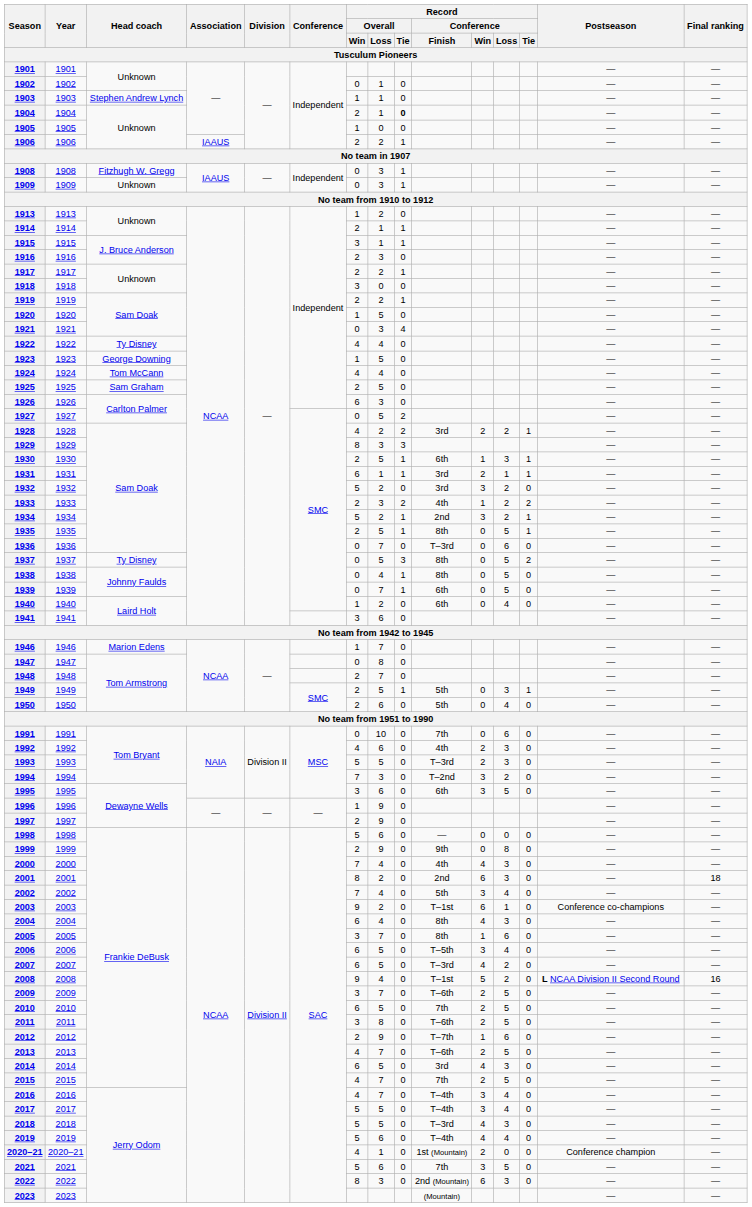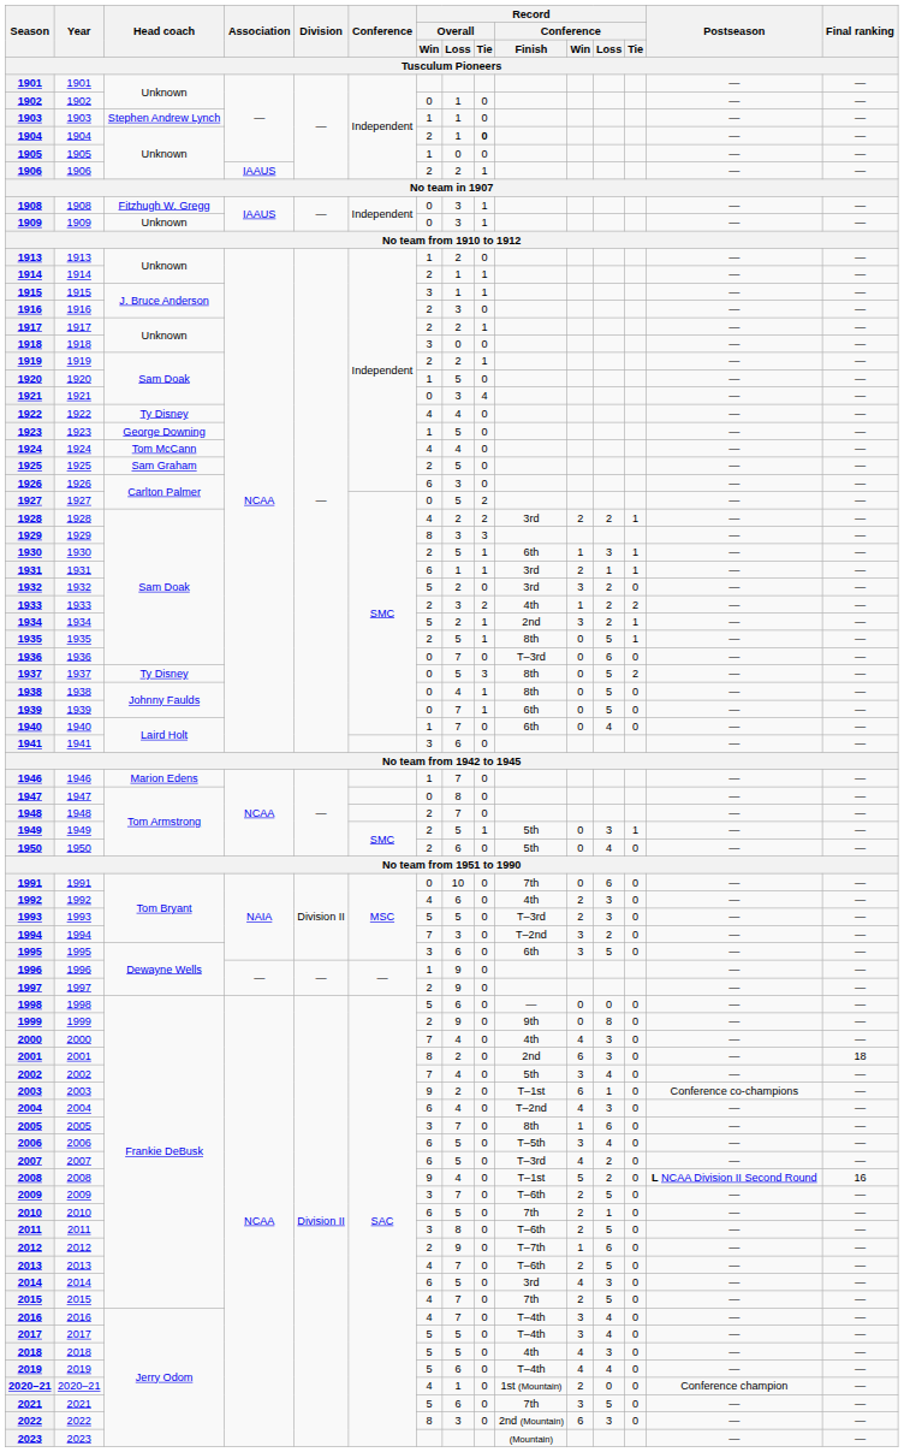 <table class="wikitable" style="font-size: 95%; width:98%;text-align:center;">
 <tr>
 <th rowspan="3">Season</th>
 <th rowspan="3">Year</th>
 <th rowspan="3">Head coach</th>
 <th rowspan="3">Association</th>
 <th rowspan="3">Division</th>
 <th rowspan="3">Conference</th>
 <th colspan="7">Record</th>
 <th rowspan="3">Postseason</th>
 <th rowspan="3">Final ranking</th>
 </tr>
 <tr>
 <th colspan="3">Overall</th>
 <th colspan="4">Conference</th>
 </tr>
 <tr>
 <th>Win</th>
 <th>Loss</th>
 <th>Tie</th>
 <th>Finish</th>
 <th>Win</th>
 <th>Loss</th>
 <th>Tie</th>
 </tr>
 <tr>
 <th colspan="15">Tusculum Pioneers</th>
 </tr>
 <tr>
 <th><a href='#'>1901</a></th>
 <td><a href='#'>1901</a></td>
 <td rowspan="2">Unknown</td>
 <td rowspan="5">—</td>
 <td rowspan="6">—</td>
 <td rowspan="6">Independent</td>
 <td></td>
 <td></td>
 <td></td>
 <td></td>
 <td></td>
 <td></td>
 <td></td>
 <td>—</td>
 <td>—</td>
 </tr>
 <tr>
 <th><a href='#'>1902</a></th>
 <td><a href='#'>1902</a></td>
 <td>0</td>
 <td>1</td>
 <td>0</td>
 <td></td>
 <td></td>
 <td></td>
 <td></td>
 <td>—</td>
 <td>—</td>
 </tr>
 <tr>
 <th><a href='#'>1903</a></th>
 <td><a href='#'>1903</a></td>
 <td><a href='#'>Stephen Andrew Lynch</a></td>
 <td>1</td>
 <td>1</td>
 <td>0</td>
 <td></td>
 <td></td>
 <td></td>
 <td></td>
 <td>—</td>
 <td>—</td>
 </tr>
 <tr>
 <th><a href='#'>1904</a></th>
 <td><a href='#'>1904</a></td>
 <td rowspan="3">Unknown</td>
 <td>2</td>
 <td>1</td>
 <td><strong>0</strong></td>
 <td></td>
 <td></td>
 <td></td>
 <td></td>
 <td>—</td>
 <td>—</td>
 </tr>
 <tr>
 <th><a href='#'>1905</a></th>
 <td><a href='#'>1905</a></td>
 <td>1</td>
 <td>0</td>
 <td>0</td>
 <td></td>
 <td></td>
 <td></td>
 <td></td>
 <td>—</td>
 <td>—</td>
 </tr>
 <tr>
 <th><a href='#'>1906</a></th>
 <td><a href='#'>1906</a></td>
 <td><a href='#'>IAAUS</a></td>
 <td>2</td>
 <td>2</td>
 <td>1</td>
 <td></td>
 <td></td>
 <td></td>
 <td></td>
 <td>—</td>
 <td>—</td>
 </tr>
 <tr>
 <th colspan="15">No team in 1907</th>
 </tr>
 <tr>
 <th><a href='#'>1908</a></th>
 <td><a href='#'>1908</a></td>
 <td><a href='#'>Fitzhugh W. Gregg</a></td>
 <td rowspan="2"><a href='#'>IAAUS</a></td>
 <td rowspan="2">—</td>
 <td rowspan="2">Independent</td>
 <td>0</td>
 <td>3</td>
 <td>1</td>
 <td></td>
 <td></td>
 <td></td>
 <td></td>
 <td>—</td>
 <td>—</td>
 </tr>
 <tr>
 <th><a href='#'>1909</a></th>
 <td><a href='#'>1909</a></td>
 <td>Unknown</td>
 <td>0</td>
 <td>3</td>
 <td>1</td>
 <td></td>
 <td></td>
 <td></td>
 <td></td>
 <td>—</td>
 <td>—</td>
 </tr>
 <tr>
 <th colspan="15">No team from 1910 to 1912</th>
 </tr>
 <tr>
 <th><a href='#'>1913</a></th>
 <td><a href='#'>1913</a></td>
 <td rowspan="2">Unknown</td>
 <td rowspan="29"><a href='#'>NCAA</a></td>
 <td rowspan="29">—</td>
 <td rowspan="14">Independent</td>
 <td>1</td>
 <td>2</td>
 <td>0</td>
 <td></td>
 <td></td>
 <td></td>
 <td></td>
 <td>—</td>
 <td>—</td>
 </tr>
 <tr>
 <th><a href='#'>1914</a></th>
 <td><a href='#'>1914</a></td>
 <td>2</td>
 <td>1</td>
 <td>1</td>
 <td></td>
 <td></td>
 <td></td>
 <td></td>
 <td>—</td>
 <td>—</td>
 </tr>
 <tr>
 <th><a href='#'>1915</a></th>
 <td><a href='#'>1915</a></td>
 <td rowspan="2"><a href='#'>J. Bruce Anderson</a></td>
 <td>3</td>
 <td>1</td>
 <td>1</td>
 <td></td>
 <td></td>
 <td></td>
 <td></td>
 <td>—</td>
 <td>—</td>
 </tr>
 <tr>
 <th><a href='#'>1916</a></th>
 <td><a href='#'>1916</a></td>
 <td>2</td>
 <td>3</td>
 <td>0</td>
 <td></td>
 <td></td>
 <td></td>
 <td></td>
 <td>—</td>
 <td>—</td>
 </tr>
 <tr>
 <th><a href='#'>1917</a></th>
 <td><a href='#'>1917</a></td>
 <td rowspan="2">Unknown</td>
 <td>2</td>
 <td>2</td>
 <td>1</td>
 <td></td>
 <td></td>
 <td></td>
 <td></td>
 <td>—</td>
 <td>—</td>
 </tr>
 <tr>
 <th><a href='#'>1918</a></th>
 <td><a href='#'>1918</a></td>
 <td>3</td>
 <td>0</td>
 <td>0</td>
 <td></td>
 <td></td>
 <td></td>
 <td></td>
 <td>—</td>
 <td>—</td>
 </tr>
 <tr>
 <th><a href='#'>1919</a></th>
 <td><a href='#'>1919</a></td>
 <td rowspan="3"><a href='#'>Sam Doak</a></td>
 <td>2</td>
 <td>2</td>
 <td>1</td>
 <td></td>
 <td></td>
 <td></td>
 <td></td>
 <td>—</td>
 <td>—</td>
 </tr>
 <tr>
 <th><a href='#'>1920</a></th>
 <td><a href='#'>1920</a></td>
 <td>1</td>
 <td>5</td>
 <td>0</td>
 <td></td>
 <td></td>
 <td></td>
 <td></td>
 <td>—</td>
 <td>—</td>
 </tr>
 <tr>
 <th><a href='#'>1921</a></th>
 <td><a href='#'>1921</a></td>
 <td>0</td>
 <td>3</td>
 <td>4</td>
 <td></td>
 <td></td>
 <td></td>
 <td></td>
 <td>—</td>
 <td>—</td>
 </tr>
 <tr>
 <th><a href='#'>1922</a></th>
 <td><a href='#'>1922</a></td>
 <td><a href='#'>Ty Disney</a></td>
 <td>4</td>
 <td>4</td>
 <td>0</td>
 <td></td>
 <td></td>
 <td></td>
 <td></td>
 <td>—</td>
 <td>—</td>
 </tr>
 <tr>
 <th><a href='#'>1923</a></th>
 <td><a href='#'>1923</a></td>
 <td><a href='#'>George Downing</a></td>
 <td>1</td>
 <td>5</td>
 <td>0</td>
 <td></td>
 <td></td>
 <td></td>
 <td></td>
 <td>—</td>
 <td>—</td>
 </tr>
 <tr>
 <th><a href='#'>1924</a></th>
 <td><a href='#'>1924</a></td>
 <td><a href='#'>Tom McCann</a></td>
 <td>4</td>
 <td>4</td>
 <td>0</td>
 <td></td>
 <td></td>
 <td></td>
 <td></td>
 <td>—</td>
 <td>—</td>
 </tr>
 <tr>
 <th><a href='#'>1925</a></th>
 <td><a href='#'>1925</a></td>
 <td><a href='#'>Sam Graham</a></td>
 <td>2</td>
 <td>5</td>
 <td>0</td>
 <td></td>
 <td></td>
 <td></td>
 <td></td>
 <td>—</td>
 <td>—</td>
 </tr>
 <tr>
 <th><a href='#'>1926</a></th>
 <td><a href='#'>1926</a></td>
 <td rowspan="2"><a href='#'>Carlton Palmer</a></td>
 <td>6</td>
 <td>3</td>
 <td>0</td>
 <td></td>
 <td></td>
 <td></td>
 <td></td>
 <td>—</td>
 <td>—</td>
 </tr>
 <tr>
 <th><a href='#'>1927</a></th>
 <td><a href='#'>1927</a></td>
 <td rowspan="14"><a href='#'>SMC</a></td>
 <td>0</td>
 <td>5</td>
 <td>2</td>
 <td></td>
 <td></td>
 <td></td>
 <td></td>
 <td>—</td>
 <td>—</td>
 </tr>
 <tr>
 <th><a href='#'>1928</a></th>
 <td><a href='#'>1928</a></td>
 <td rowspan="9"><a href='#'>Sam Doak</a></td>
 <td>4</td>
 <td>2</td>
 <td>2</td>
 <td>3rd</td>
 <td>2</td>
 <td>2</td>
 <td>1</td>
 <td>—</td>
 <td>—</td>
 </tr>
 <tr>
 <th><a href='#'>1929</a></th>
 <td><a href='#'>1929</a></td>
 <td>8</td>
 <td>3</td>
 <td>3</td>
 <td></td>
 <td></td>
 <td></td>
 <td></td>
 <td>—</td>
 <td>—</td>
 </tr>
 <tr>
 <th><a href='#'>1930</a></th>
 <td><a href='#'>1930</a></td>
 <td>2</td>
 <td>5</td>
 <td>1</td>
 <td>6th</td>
 <td>1</td>
 <td>3</td>
 <td>1</td>
 <td>—</td>
 <td>—</td>
 </tr>
 <tr>
 <th><a href='#'>1931</a></th>
 <td><a href='#'>1931</a></td>
 <td>6</td>
 <td>1</td>
 <td>1</td>
 <td>3rd</td>
 <td>2</td>
 <td>1</td>
 <td>1</td>
 <td>—</td>
 <td>—</td>
 </tr>
 <tr>
 <th><a href='#'>1932</a></th>
 <td><a href='#'>1932</a></td>
 <td>5</td>
 <td>2</td>
 <td>0</td>
 <td>3rd</td>
 <td>3</td>
 <td>2</td>
 <td>0</td>
 <td>—</td>
 <td>—</td>
 </tr>
 <tr>
 <th><a href='#'>1933</a></th>
 <td><a href='#'>1933</a></td>
 <td>2</td>
 <td>3</td>
 <td>2</td>
 <td>4th</td>
 <td>1</td>
 <td>2</td>
 <td>2</td>
 <td>—</td>
 <td>—</td>
 </tr>
 <tr>
 <th><a href='#'>1934</a></th>
 <td><a href='#'>1934</a></td>
 <td>5</td>
 <td>2</td>
 <td>1</td>
 <td>2nd</td>
 <td>3</td>
 <td>2</td>
 <td>1</td>
 <td>—</td>
 <td>—</td>
 </tr>
 <tr>
 <th><a href='#'>1935</a></th>
 <td><a href='#'>1935</a></td>
 <td>2</td>
 <td>5</td>
 <td>1</td>
 <td>8th</td>
 <td>0</td>
 <td>5</td>
 <td>1</td>
 <td>—</td>
 <td>—</td>
 </tr>
 <tr>
 <th><a href='#'>1936</a></th>
 <td><a href='#'>1936</a></td>
 <td>0</td>
 <td>7</td>
 <td>0</td>
 <td>T–3rd</td>
 <td>0</td>
 <td>6</td>
 <td>0</td>
 <td>—</td>
 <td>—</td>
 </tr>
 <tr>
 <th><a href='#'>1937</a></th>
 <td><a href='#'>1937</a></td>
 <td><a href='#'>Ty Disney</a></td>
 <td>0</td>
 <td>5</td>
 <td>3</td>
 <td>8th</td>
 <td>0</td>
 <td>5</td>
 <td>2</td>
 <td>—</td>
 <td>—</td>
 </tr>
 <tr>
 <th><a href='#'>1938</a></th>
 <td><a href='#'>1938</a></td>
 <td rowspan="2"><a href='#'>Johnny Faulds</a></td>
 <td>0</td>
 <td>4</td>
 <td>1</td>
 <td>8th</td>
 <td>0</td>
 <td>5</td>
 <td>0</td>
 <td>—</td>
 <td>—</td>
 </tr>
 <tr>
 <th><a href='#'>1939</a></th>
 <td><a href='#'>1939</a></td>
 <td>0</td>
 <td>7</td>
 <td>1</td>
 <td>6th</td>
 <td>0</td>
 <td>5</td>
 <td>0</td>
 <td>—</td>
 <td>—</td>
 </tr>
 <tr>
 <th><a href='#'>1940</a></th>
 <td><a href='#'>1940</a></td>
 <td rowspan="2"><a href='#'>Laird Holt</a></td>
 <td>1</td>
-<td>2</td>
+<td>7</td>
 <td>0</td>
 <td>6th</td>
 <td>0</td>
 <td>4</td>
 <td>0</td>
 <td>—</td>
 <td>—</td>
 </tr>
 <tr>
 <th><a href='#'>1941</a></th>
 <td><a href='#'>1941</a></td>
 <td></td>
 <td>3</td>
 <td>6</td>
 <td>0</td>
 <td></td>
 <td></td>
 <td></td>
 <td></td>
 <td>—</td>
 <td>—</td>
 </tr>
 <tr>
 <th colspan="15">No team from 1942 to 1945</th>
 </tr>
 <tr>
 <th><a href='#'>1946</a></th>
 <td><a href='#'>1946</a></td>
 <td><a href='#'>Marion Edens</a></td>
 <td rowspan="5"><a href='#'>NCAA</a></td>
 <td rowspan="5">—</td>
 <td></td>
 <td>1</td>
 <td>7</td>
 <td>0</td>
 <td></td>
 <td></td>
 <td></td>
 <td></td>
 <td>—</td>
 <td>—</td>
 </tr>
 <tr>
 <th><a href='#'>1947</a></th>
 <td><a href='#'>1947</a></td>
 <td rowspan="4"><a href='#'>Tom Armstrong</a></td>
 <td></td>
 <td>0</td>
 <td>8</td>
 <td>0</td>
 <td></td>
 <td></td>
 <td></td>
 <td></td>
 <td>—</td>
 <td>—</td>
 </tr>
 <tr>
 <th><a href='#'>1948</a></th>
 <td><a href='#'>1948</a></td>
 <td></td>
 <td>2</td>
 <td>7</td>
 <td>0</td>
 <td></td>
 <td></td>
 <td></td>
 <td></td>
 <td>—</td>
 <td>—</td>
 </tr>
 <tr>
 <th><a href='#'>1949</a></th>
 <td><a href='#'>1949</a></td>
 <td rowspan="2"><a href='#'>SMC</a></td>
 <td>2</td>
 <td>5</td>
 <td>1</td>
 <td>5th</td>
 <td>0</td>
 <td>3</td>
 <td>1</td>
 <td>—</td>
 <td>—</td>
 </tr>
 <tr>
 <th><a href='#'>1950</a></th>
 <td><a href='#'>1950</a></td>
 <td>2</td>
 <td>6</td>
 <td>0</td>
 <td>5th</td>
 <td>0</td>
 <td>4</td>
 <td>0</td>
 <td>—</td>
 <td>—</td>
 </tr>
 <tr>
 <th colspan="15">No team from 1951 to 1990</th>
 </tr>
 <tr>
 <th><a href='#'>1991</a></th>
 <td><a href='#'>1991</a></td>
 <td rowspan="4"><a href='#'>Tom Bryant</a></td>
 <td rowspan="5"><a href='#'>NAIA</a></td>
 <td rowspan="5">Division II</td>
 <td rowspan="5"><a href='#'>MSC</a></td>
 <td>0</td>
 <td>10</td>
 <td>0</td>
 <td>7th</td>
 <td>0</td>
 <td>6</td>
 <td>0</td>
 <td>—</td>
 <td>—</td>
 </tr>
 <tr>
 <th><a href='#'>1992</a></th>
 <td><a href='#'>1992</a></td>
 <td>4</td>
 <td>6</td>
 <td>0</td>
 <td>4th</td>
 <td>2</td>
 <td>3</td>
 <td>0</td>
 <td>—</td>
 <td>—</td>
 </tr>
 <tr>
 <th><a href='#'>1993</a></th>
 <td><a href='#'>1993</a></td>
 <td>5</td>
 <td>5</td>
 <td>0</td>
 <td>T–3rd</td>
 <td>2</td>
 <td>3</td>
 <td>0</td>
 <td>—</td>
 <td>—</td>
 </tr>
 <tr>
 <th><a href='#'>1994</a></th>
 <td><a href='#'>1994</a></td>
 <td>7</td>
 <td>3</td>
 <td>0</td>
 <td>T–2nd</td>
 <td>3</td>
 <td>2</td>
 <td>0</td>
 <td>—</td>
 <td>—</td>
 </tr>
 <tr>
 <th><a href='#'>1995</a></th>
 <td><a href='#'>1995</a></td>
 <td rowspan="3"><a href='#'>Dewayne Wells</a></td>
 <td>3</td>
 <td>6</td>
 <td>0</td>
 <td>6th</td>
 <td>3</td>
 <td>5</td>
 <td>0</td>
 <td>—</td>
 <td>—</td>
 </tr>
 <tr>
 <th><a href='#'>1996</a></th>
 <td><a href='#'>1996</a></td>
 <td rowspan="2">—</td>
 <td rowspan="2">—</td>
 <td rowspan="2">—</td>
 <td>1</td>
 <td>9</td>
 <td>0</td>
 <td></td>
 <td></td>
 <td></td>
 <td></td>
 <td>—</td>
 <td>—</td>
 </tr>
 <tr>
 <th><a href='#'>1997</a></th>
 <td><a href='#'>1997</a></td>
 <td>2</td>
 <td>9</td>
 <td>0</td>
 <td></td>
 <td></td>
 <td></td>
 <td></td>
 <td>—</td>
 <td>—</td>
 </tr>
 <tr>
 <th><a href='#'>1998</a></th>
 <td><a href='#'>1998</a></td>
 <td rowspan="18"><a href='#'>Frankie DeBusk</a></td>
 <td rowspan="26"><a href='#'>NCAA</a></td>
 <td rowspan="26"><a href='#'>Division II</a></td>
 <td rowspan="26"><a href='#'>SAC</a></td>
 <td>5</td>
 <td>6</td>
 <td>0</td>
 <td>—</td>
 <td>0</td>
 <td>0</td>
 <td>0</td>
 <td>—</td>
 <td>—</td>
 </tr>
 <tr>
 <th><a href='#'>1999</a></th>
 <td><a href='#'>1999</a></td>
 <td>2</td>
 <td>9</td>
 <td>0</td>
 <td>9th</td>
 <td>0</td>
 <td>8</td>
 <td>0</td>
 <td>—</td>
 <td>—</td>
 </tr>
 <tr>
 <th><a href='#'>2000</a></th>
 <td><a href='#'>2000</a></td>
 <td>7</td>
 <td>4</td>
 <td>0</td>
 <td>4th</td>
 <td>4</td>
 <td>3</td>
 <td>0</td>
 <td>—</td>
 <td>—</td>
 </tr>
 <tr>
 <th><a href='#'>2001</a></th>
 <td><a href='#'>2001</a></td>
 <td>8</td>
 <td>2</td>
 <td>0</td>
 <td>2nd</td>
 <td>6</td>
 <td>3</td>
 <td>0</td>
 <td>—</td>
 <td>18</td>
 </tr>
 <tr>
 <th><a href='#'>2002</a></th>
 <td><a href='#'>2002</a></td>
 <td>7</td>
 <td>4</td>
 <td>0</td>
 <td>5th</td>
 <td>3</td>
 <td>4</td>
 <td>0</td>
 <td>—</td>
 <td>—</td>
 </tr>
 <tr>
 <th><a href='#'>2003</a></th>
 <td><a href='#'>2003</a></td>
 <td>9</td>
 <td>2</td>
 <td>0</td>
 <td>T–1st</td>
 <td>6</td>
 <td>1</td>
 <td>0</td>
 <td>Conference co-champions</td>
 <td>—</td>
 </tr>
 <tr>
 <th><a href='#'>2004</a></th>
 <td><a href='#'>2004</a></td>
 <td>6</td>
 <td>4</td>
 <td>0</td>
-<td>8th</td>
+<td>T–2nd</td>
 <td>4</td>
 <td>3</td>
 <td>0</td>
 <td>—</td>
 <td>—</td>
 </tr>
 <tr>
 <th><a href='#'>2005</a></th>
 <td><a href='#'>2005</a></td>
 <td>3</td>
 <td>7</td>
 <td>0</td>
 <td>8th</td>
 <td>1</td>
 <td>6</td>
 <td>0</td>
 <td>—</td>
 <td>—</td>
 </tr>
 <tr>
 <th><a href='#'>2006</a></th>
 <td><a href='#'>2006</a></td>
 <td>6</td>
 <td>5</td>
 <td>0</td>
 <td>T–5th</td>
 <td>3</td>
 <td>4</td>
 <td>0</td>
 <td>—</td>
 <td>—</td>
 </tr>
 <tr>
 <th><a href='#'>2007</a></th>
 <td><a href='#'>2007</a></td>
 <td>6</td>
 <td>5</td>
 <td>0</td>
 <td>T–3rd</td>
 <td>4</td>
 <td>2</td>
 <td>0</td>
 <td>—</td>
 <td>—</td>
 </tr>
 <tr>
 <th><a href='#'>2008</a></th>
 <td><a href='#'>2008</a></td>
 <td>9</td>
 <td>4</td>
 <td>0</td>
 <td>T–1st</td>
 <td>5</td>
 <td>2</td>
 <td>0</td>
 <td><strong>L</strong> <a href='#'>NCAA Division II Second Round</a></td>
 <td>16</td>
 </tr>
 <tr>
 <th><a href='#'>2009</a></th>
 <td><a href='#'>2009</a></td>
 <td>3</td>
 <td>7</td>
 <td>0</td>
 <td>T–6th</td>
 <td>2</td>
 <td>5</td>
 <td>0</td>
 <td>—</td>
 <td>—</td>
 </tr>
 <tr>
 <th><a href='#'>2010</a></th>
 <td><a href='#'>2010</a></td>
 <td>6</td>
 <td>5</td>
 <td>0</td>
 <td>7th</td>
 <td>2</td>
-<td>5</td>
+<td>1</td>
 <td>0</td>
 <td>—</td>
 <td>—</td>
 </tr>
 <tr>
 <th><a href='#'>2011</a></th>
 <td><a href='#'>2011</a></td>
 <td>3</td>
 <td>8</td>
 <td>0</td>
 <td>T–6th</td>
 <td>2</td>
 <td>5</td>
 <td>0</td>
 <td>—</td>
 <td>—</td>
 </tr>
 <tr>
 <th><a href='#'>2012</a></th>
 <td><a href='#'>2012</a></td>
 <td>2</td>
 <td>9</td>
 <td>0</td>
 <td>T–7th</td>
 <td>1</td>
 <td>6</td>
 <td>0</td>
 <td>—</td>
 <td>—</td>
 </tr>
 <tr>
 <th><a href='#'>2013</a></th>
 <td><a href='#'>2013</a></td>
 <td>4</td>
 <td>7</td>
 <td>0</td>
 <td>T–6th</td>
 <td>2</td>
 <td>5</td>
 <td>0</td>
 <td>—</td>
 <td>—</td>
 </tr>
 <tr>
 <th><a href='#'>2014</a></th>
 <td><a href='#'>2014</a></td>
 <td>6</td>
 <td>5</td>
 <td>0</td>
 <td>3rd</td>
 <td>4</td>
 <td>3</td>
 <td>0</td>
 <td>—</td>
 <td>—</td>
 </tr>
 <tr>
 <th><a href='#'>2015</a></th>
 <td><a href='#'>2015</a></td>
 <td>4</td>
 <td>7</td>
 <td>0</td>
 <td>7th</td>
 <td>2</td>
 <td>5</td>
 <td>0</td>
 <td>—</td>
 <td>—</td>
 </tr>
 <tr>
 <th><a href='#'>2016</a></th>
 <td><a href='#'>2016</a></td>
 <td rowspan="8"><a href='#'>Jerry Odom</a></td>
 <td>4</td>
 <td>7</td>
 <td>0</td>
 <td>T–4th</td>
 <td>3</td>
 <td>4</td>
 <td>0</td>
 <td>—</td>
 <td>—</td>
 </tr>
 <tr>
 <th><a href='#'>2017</a></th>
 <td><a href='#'>2017</a></td>
 <td>5</td>
 <td>5</td>
 <td>0</td>
 <td>T–4th</td>
 <td>3</td>
 <td>4</td>
 <td>0</td>
 <td>—</td>
 <td>—</td>
 </tr>
 <tr>
 <th><a href='#'>2018</a></th>
 <td><a href='#'>2018</a></td>
 <td>5</td>
 <td>5</td>
 <td>0</td>
-<td>T–3rd</td>
+<td>4th</td>
 <td>4</td>
 <td>3</td>
 <td>0</td>
 <td>—</td>
 <td>—</td>
 </tr>
 <tr>
 <th><a href='#'>2019</a></th>
 <td><a href='#'>2019</a></td>
 <td>5</td>
 <td>6</td>
 <td>0</td>
 <td>T–4th</td>
 <td>4</td>
 <td>4</td>
 <td>0</td>
 <td>—</td>
 <td>—</td>
 </tr>
 <tr>
 <th><a href='#'>2020–21</a></th>
 <td><a href='#'>2020–21</a></td>
 <td>4</td>
 <td>1</td>
 <td>0</td>
 <td>1st <small>(Mountain)</small></td>
 <td>2</td>
 <td>0</td>
 <td>0</td>
 <td>Conference champion</td>
 <td>—</td>
 </tr>
 <tr>
 <th><a href='#'>2021</a></th>
 <td><a href='#'>2021</a></td>
 <td>5</td>
 <td>6</td>
 <td>0</td>
 <td>7th</td>
 <td>3</td>
 <td>5</td>
 <td>0</td>
 <td>—</td>
 <td>—</td>
 </tr>
 <tr>
 <th><a href='#'>2022</a></th>
 <td><a href='#'>2022</a></td>
 <td>8</td>
 <td>3</td>
 <td>0</td>
 <td>2nd <small>(Mountain)</small></td>
 <td>6</td>
 <td>3</td>
 <td>0</td>
 <td>—</td>
 <td>—</td>
 </tr>
 <tr>
 <th><a href='#'>2023</a></th>
 <td><a href='#'>2023</a></td>
 <td></td>
 <td></td>
 <td></td>
 <td><small>(Mountain)</small></td>
 <td></td>
 <td></td>
 <td></td>
 <td>—</td>
 <td>—</td>
 </tr>
 </table>
